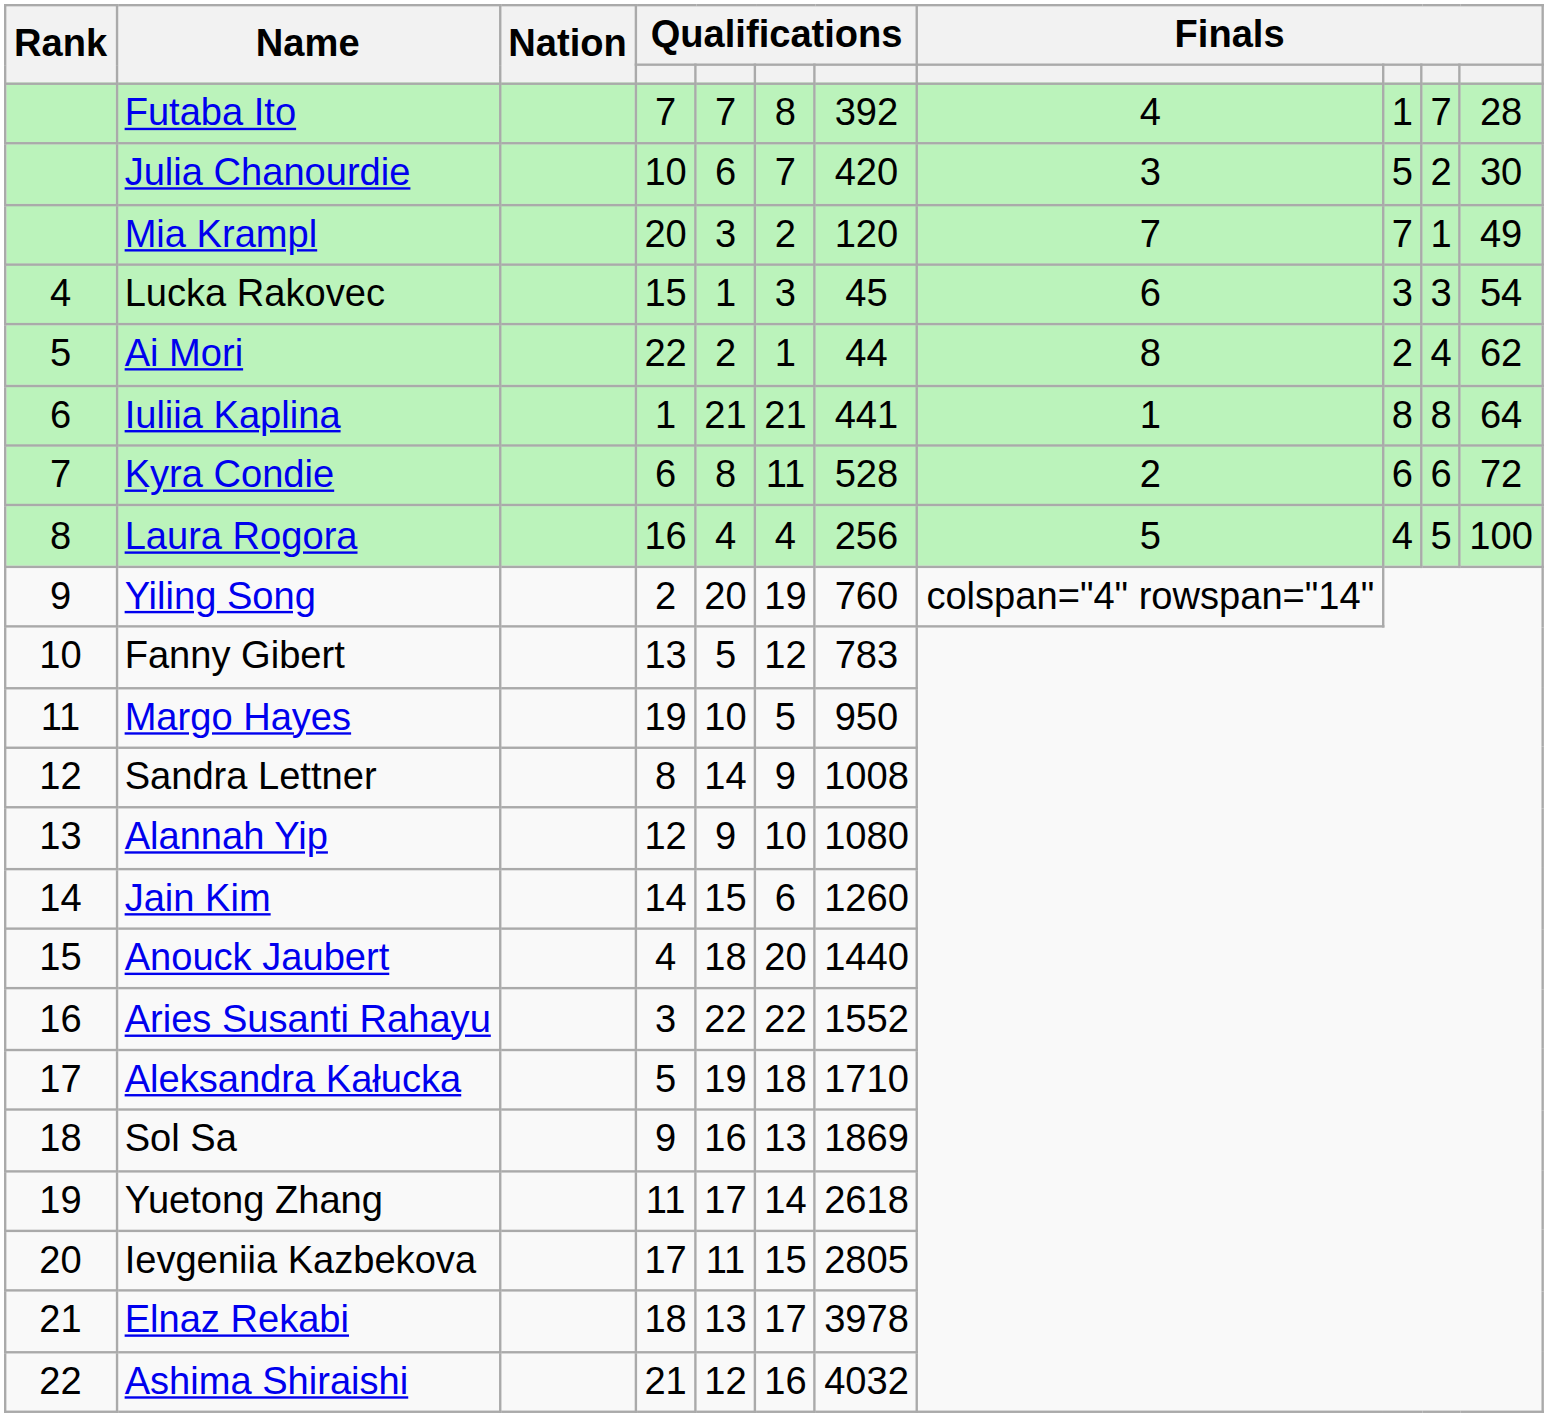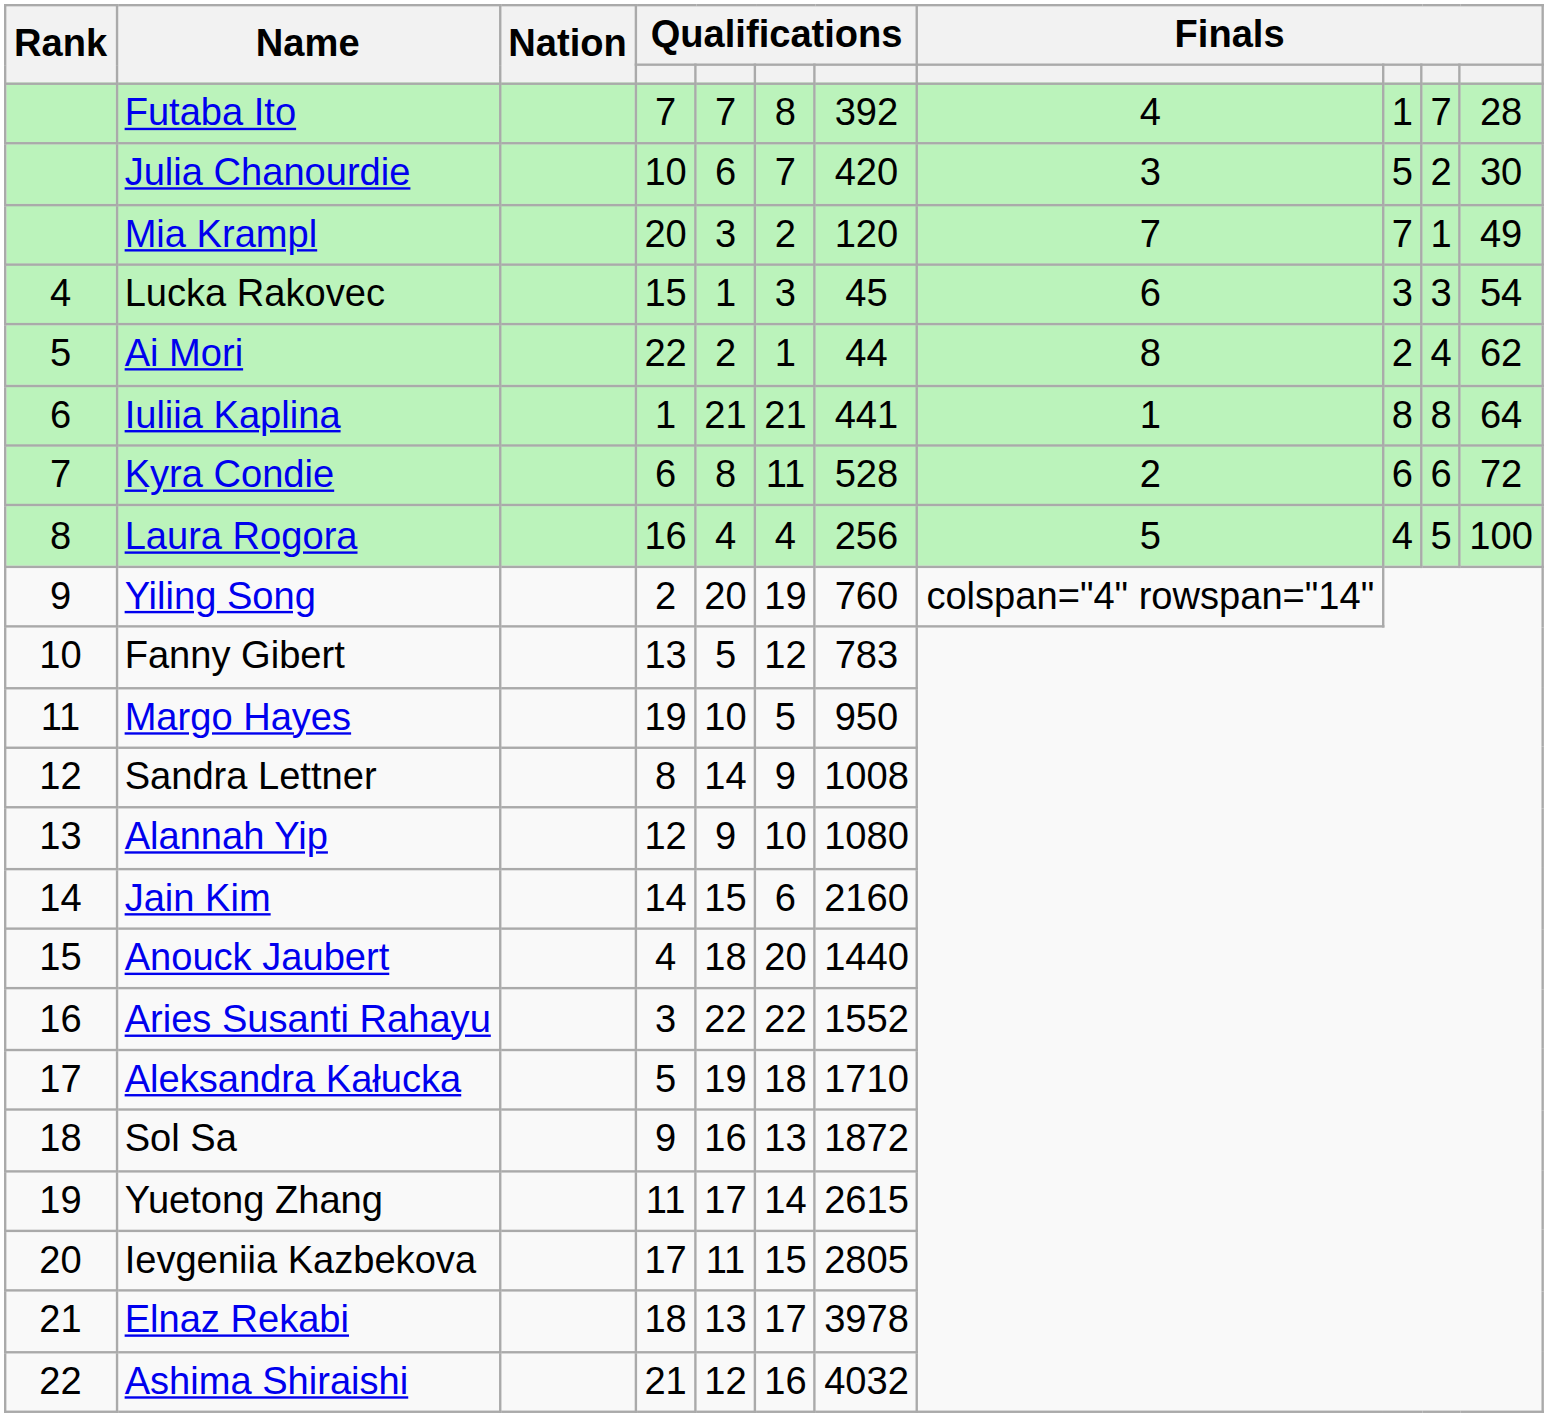 <table class="wikitable sortable" style="text-align:center">
 <tr>
 <th rowspan="2">Rank</th>
 <th rowspan="2">Name</th>
 <th rowspan="2">Nation</th>
 <th colspan="4">Qualifications</th>
 <th colspan="4">Finals</th>
 </tr>
 <tr>
 <th></th>
 <th></th>
 <th></th>
 <th></th>
 <th></th>
 <th></th>
 <th></th>
 <th></th>
 </tr>
 <tr bgcolor="bbf3bb">
 <td></td>
 <td align="left"><a href='#'>Futaba Ito</a></td>
 <td align="left"></td>
 <td>7</td>
 <td>7</td>
 <td>8</td>
 <td>392</td>
 <td>4</td>
 <td>1</td>
 <td>7</td>
 <td>28</td>
 </tr>
 <tr bgcolor="bbf3bb">
 <td></td>
 <td align="left"><a href='#'>Julia Chanourdie</a></td>
 <td align="left"></td>
 <td>10</td>
 <td>6</td>
 <td>7</td>
 <td>420</td>
 <td>3</td>
 <td>5</td>
 <td>2</td>
 <td>30</td>
 </tr>
 <tr bgcolor="bbf3bb">
 <td></td>
 <td align="left"><a href='#'>Mia Krampl</a></td>
 <td align="left"></td>
 <td>20</td>
 <td>3</td>
 <td>2</td>
 <td>120</td>
 <td>7</td>
 <td>7</td>
 <td>1</td>
 <td>49</td>
 </tr>
 <tr bgcolor="bbf3bb">
 <td>4</td>
 <td align="left">Lucka Rakovec</td>
 <td align="left"></td>
 <td>15</td>
 <td>1</td>
 <td>3</td>
 <td>45</td>
 <td>6</td>
 <td>3</td>
 <td>3</td>
 <td>54</td>
 </tr>
 <tr bgcolor="bbf3bb">
 <td>5</td>
 <td align="left"><a href='#'>Ai Mori</a></td>
 <td align="left"></td>
 <td>22</td>
 <td>2</td>
 <td>1</td>
 <td>44</td>
 <td>8</td>
 <td>2</td>
 <td>4</td>
 <td>62</td>
 </tr>
 <tr bgcolor="bbf3bb">
 <td>6</td>
 <td align="left"><a href='#'>Iuliia Kaplina</a></td>
 <td align="left"></td>
 <td>1</td>
 <td>21</td>
 <td>21</td>
 <td>441</td>
 <td>1</td>
 <td>8</td>
 <td>8</td>
 <td>64</td>
 </tr>
 <tr bgcolor="bbf3bb">
 <td>7</td>
 <td align="left"><a href='#'>Kyra Condie</a></td>
 <td align="left"></td>
 <td>6</td>
 <td>8</td>
 <td>11</td>
 <td>528</td>
 <td>2</td>
 <td>6</td>
 <td>6</td>
 <td>72</td>
 </tr>
 <tr bgcolor="bbf3bb">
 <td>8</td>
 <td align="left"><a href='#'>Laura Rogora</a></td>
 <td align="left"></td>
 <td>16</td>
 <td>4</td>
 <td>4</td>
 <td>256</td>
 <td>5</td>
 <td>4</td>
 <td>5</td>
 <td>100</td>
 </tr>
 <tr>
 <td>9</td>
 <td align="left"><a href='#'>Yiling Song</a></td>
 <td align="left"></td>
 <td>2</td>
 <td>20</td>
 <td>19</td>
 <td>760</td>
 <td>colspan="4" rowspan="14" </td>
 </tr>
 <tr>
 <td>10</td>
 <td align="left">Fanny Gibert</td>
 <td align="left"></td>
 <td>13</td>
 <td>5</td>
 <td>12</td>
 <td>783</td>
 </tr>
 <tr>
 <td>11</td>
 <td align="left"><a href='#'>Margo Hayes</a></td>
 <td align="left"></td>
 <td>19</td>
 <td>10</td>
 <td>5</td>
 <td>950</td>
 </tr>
 <tr>
 <td>12</td>
 <td align="left">Sandra Lettner</td>
 <td align="left"></td>
 <td>8</td>
 <td>14</td>
 <td>9</td>
 <td>1008</td>
 </tr>
 <tr>
 <td>13</td>
 <td align="left"><a href='#'>Alannah Yip</a></td>
 <td align="left"></td>
 <td>12</td>
 <td>9</td>
 <td>10</td>
 <td>1080</td>
 </tr>
 <tr>
 <td>14</td>
 <td align="left"><a href='#'>Jain Kim</a></td>
 <td align="left"></td>
 <td>14</td>
 <td>15</td>
 <td>6</td>
-<td>1260</td>
+<td>2160</td>
 </tr>
 <tr>
 <td>15</td>
 <td align="left"><a href='#'>Anouck Jaubert</a></td>
 <td align="left"></td>
 <td>4</td>
 <td>18</td>
 <td>20</td>
 <td>1440</td>
 </tr>
 <tr>
 <td>16</td>
 <td align="left"><a href='#'>Aries Susanti Rahayu</a></td>
 <td align="left"></td>
 <td>3</td>
 <td>22</td>
 <td>22</td>
 <td>1552</td>
 </tr>
 <tr>
 <td>17</td>
 <td align="left"><a href='#'>Aleksandra Kałucka</a></td>
 <td align="left"></td>
 <td>5</td>
 <td>19</td>
 <td>18</td>
 <td>1710</td>
 </tr>
 <tr>
 <td>18</td>
 <td align="left">Sol Sa</td>
 <td align="left"></td>
 <td>9</td>
 <td>16</td>
 <td>13</td>
-<td>1869</td>
+<td>1872</td>
 </tr>
 <tr>
 <td>19</td>
 <td align="left">Yuetong Zhang</td>
 <td align="left"></td>
 <td>11</td>
 <td>17</td>
 <td>14</td>
-<td>2618</td>
+<td>2615</td>
 </tr>
 <tr>
 <td>20</td>
 <td align="left">Ievgeniia Kazbekova</td>
 <td align="left"></td>
 <td>17</td>
 <td>11</td>
 <td>15</td>
 <td>2805</td>
 </tr>
 <tr>
 <td>21</td>
 <td align="left"><a href='#'>Elnaz Rekabi</a></td>
 <td align="left"></td>
 <td>18</td>
 <td>13</td>
 <td>17</td>
 <td>3978</td>
 </tr>
 <tr>
 <td>22</td>
 <td align="left"><a href='#'>Ashima Shiraishi</a></td>
 <td align="left"></td>
 <td>21</td>
 <td>12</td>
 <td>16</td>
 <td>4032</td>
 </tr>
 </table>
